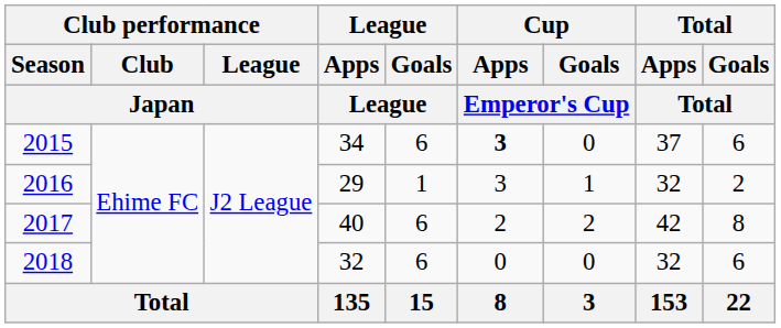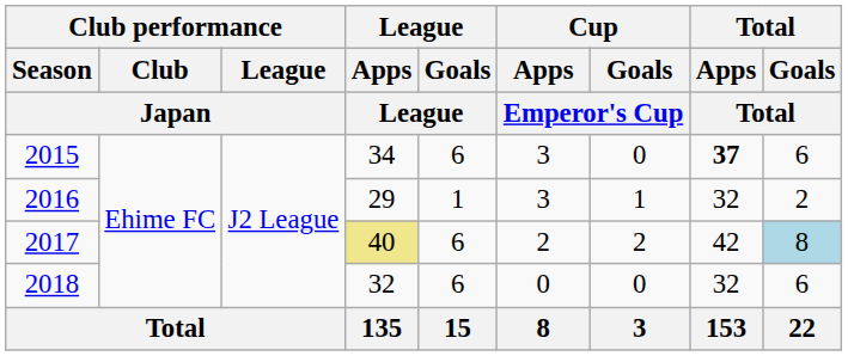 <table class="wikitable" style="text-align:center;">
 <tr>
 <th colspan=3>Club performance</th>
 <th colspan=2>League</th>
 <th colspan=2>Cup</th>
 <th colspan=2>Total</th>
 </tr>
 <tr>
 <th>Season</th>
 <th>Club</th>
 <th>League</th>
 <th>Apps</th>
 <th>Goals</th>
 <th>Apps</th>
 <th>Goals</th>
 <th>Apps</th>
 <th>Goals</th>
 </tr>
 <tr>
 <th colspan=3>Japan</th>
 <th colspan=2>League</th>
 <th colspan=2><a href='#'>Emperor's Cup</a></th>
 <th colspan=2>Total</th>
 </tr>
 <tr>
 <td><a href='#'>2015</a></td>
 <td rowspan="4"><a href='#'>Ehime FC</a></td>
 <td rowspan="4"><a href='#'>J2 League</a></td>
 <td>34</td>
 <td>6</td>
-<td><strong>3</strong></td>
+<td>3</td>
 <td>0</td>
-<td>37</td>
+<td><strong>37</strong></td>
 <td>6</td>
 </tr>
 <tr>
 <td><a href='#'>2016</a></td>
 <td>29</td>
 <td>1</td>
 <td>3</td>
 <td>1</td>
 <td>32</td>
 <td>2</td>
 </tr>
 <tr>
 <td><a href='#'>2017</a></td>
-<td>40</td>
+<td style="background: khaki;">40</td>
 <td>6</td>
 <td>2</td>
 <td>2</td>
 <td>42</td>
-<td>8</td>
+<td style="background: lightblue;">8</td>
 </tr>
 <tr>
 <td><a href='#'>2018</a></td>
 <td>32</td>
 <td>6</td>
 <td>0</td>
 <td>0</td>
 <td>32</td>
 <td>6</td>
 </tr>
 <tr>
 <th colspan=3>Total</th>
 <th>135</th>
 <th>15</th>
 <th>8</th>
 <th>3</th>
 <th>153</th>
 <th>22</th>
 </tr>
 </table>
